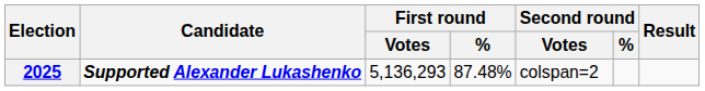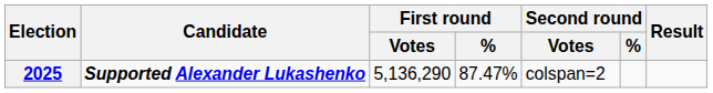 <table class="wikitable">
 <tr>
 <th rowspan="2">Election</th>
 <th rowspan="2">Candidate</th>
 <th colspan="2">First round</th>
 <th colspan="2">Second round</th>
 <th rowspan="2">Result</th>
 </tr>
 <tr>
 <th>Votes</th>
 <th>%</th>
 <th>Votes</th>
 <th>%</th>
 </tr>
 <tr>
 <th><a href='#'>2025</a></th>
 <td><strong><em>Supported <a href='#'>Alexander Lukashenko</a></em></strong></td>
-<td>5,136,293</td>
-<td>87.48%</td>
+<td>5,136,290</td>
+<td>87.47%</td>
 <td>colspan=2 </td>
 <td></td>
 </tr>
 </table>
